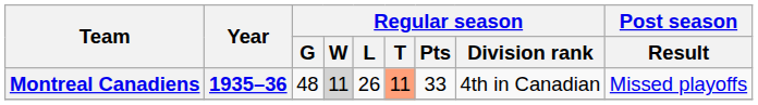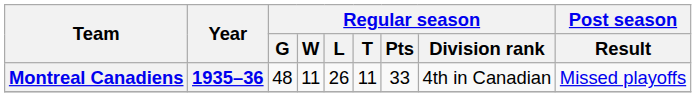 <table class="wikitable" style="font-size: 95%; text-align:center;">
 <tr>
 <th rowspan="2">Team</th>
 <th rowspan="2">Year</th>
 <th colspan="6"><a href='#'>Regular season</a></th>
 <th colspan="1"><a href='#'>Post season</a></th>
 </tr>
 <tr>
 <th>G</th>
 <th>W</th>
 <th>L</th>
 <th>T</th>
 <th>Pts</th>
 <th>Division rank</th>
 <th>Result</th>
 </tr>
 <tr>
 <th><a href='#'>Montreal Canadiens</a></th>
 <th><a href='#'>1935–36</a></th>
 <td>48</td>
-<td style="background: lightgrey;">11</td>
+<td>11</td>
 <td>26</td>
-<td style="background: lightsalmon;">11</td>
+<td>11</td>
 <td>33</td>
 <td>4th in Canadian</td>
 <td><a href='#'>Missed playoffs</a></td>
 </tr>
 <tr>
 </tr>
 </table>
